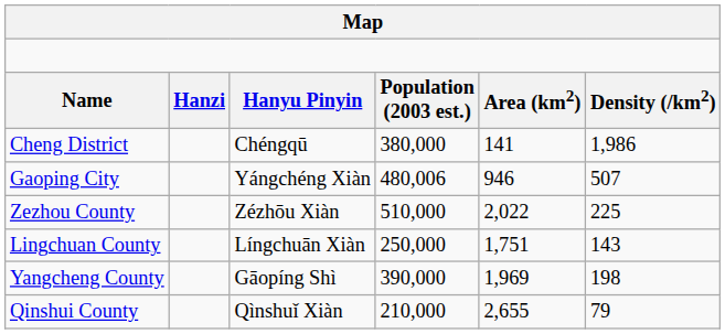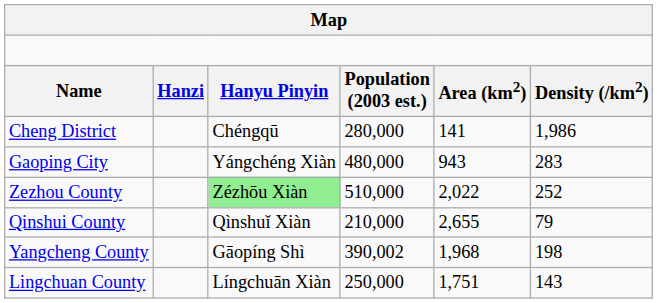 <table class="wikitable" style="font-size:90%;" align=center>
 <tr>
 <th colspan="6">Map</th>
 </tr>
 <tr>
 <td colspan="6"><div><br>         </div></td>
 </tr>
 <tr>
 <th>Name</th>
 <th><a href='#'>Hanzi</a></th>
 <th><a href='#'>Hanyu Pinyin</a></th>
 <th>Population<br>(2003 est.)</th>
 <th>Area (km<sup>2</sup>)</th>
 <th>Density (/km<sup>2</sup>)</th>
 </tr>
 <tr --------->
 <td><a href='#'>Cheng District</a></td>
 <td></td>
 <td>Chéngqū</td>
-<td>380,000</td>
+<td>280,000</td>
 <td>141</td>
 <td>1,986</td>
 </tr>
 <tr --------->
 <td><a href='#'>Gaoping City</a></td>
 <td></td>
 <td>Yángchéng Xiàn</td>
-<td>480,006</td>
-<td>946</td>
-<td>507</td>
+<td>480,000</td>
+<td>943</td>
+<td>283</td>
 </tr>
 <tr --------->
 <td><a href='#'>Zezhou County</a></td>
 <td></td>
-<td>Zézhōu Xiàn</td>
+<td style="background: lightgreen;">Zézhōu Xiàn</td>
 <td>510,000</td>
 <td>2,022</td>
-<td>225</td>
+<td>252</td>
+</tr>
+<tr --------->
+<td><a href='#'>Qinshui County</a></td>
+<td></td>
+<td>Qìnshuǐ Xiàn</td>
+<td>210,000</td>
+<td>2,655</td>
+<td>79</td>
+</tr>
+<tr --------->
+<td><a href='#'>Yangcheng County</a></td>
+<td></td>
+<td>Gāopíng Shì</td>
+<td>390,002</td>
+<td>1,968</td>
+<td>198</td>
 </tr>
 <tr --------->
 <td><a href='#'>Lingchuan County</a></td>
 <td></td>
 <td>Língchuān Xiàn</td>
 <td>250,000</td>
 <td>1,751</td>
 <td>143</td>
 </tr>
-<tr --------->
-<td><a href='#'>Yangcheng County</a></td>
-<td></td>
-<td>Gāopíng Shì</td>
-<td>390,000</td>
-<td>1,969</td>
-<td>198</td>
-</tr>
-<tr --------->
-<td><a href='#'>Qinshui County</a></td>
-<td></td>
-<td>Qìnshuǐ Xiàn</td>
-<td>210,000</td>
-<td>2,655</td>
-<td>79</td>
-</tr>
 </table>
